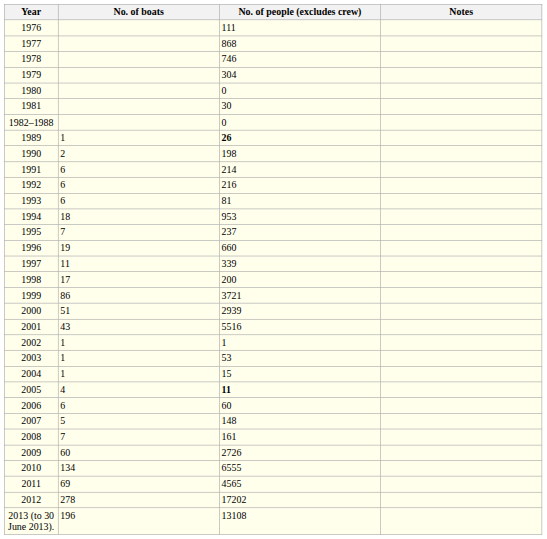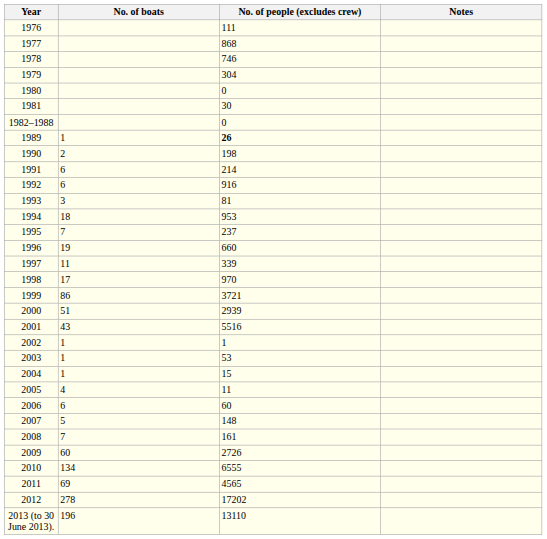 <table class="wikitable" style="align:center;">
 <tr>
 <th style="width:10%;">Year</th>
 <th style="width:30%;">No. of boats</th>
 <th style="width:30%;">No. of people (excludes crew)</th>
 <th style="width:30%;">Notes</th>
 </tr>
 <tr style="text-align:left; background:#ffffec; vertical-align:top;">
 <td style="text-align:center;">1976</td>
 <td></td>
 <td>111</td>
 <td></td>
 </tr>
 <tr style="text-align:left; background:#ffffec; vertical-align:top;">
 <td style="text-align:center;">1977</td>
 <td></td>
 <td>868</td>
 <td></td>
 </tr>
 <tr style="text-align:left; background:#ffffec; vertical-align:top;">
 <td style="text-align:center;">1978</td>
 <td></td>
 <td>746</td>
 <td></td>
 </tr>
 <tr style="text-align:left; background:#ffffec; vertical-align:top;">
 <td style="text-align:center;">1979</td>
 <td></td>
 <td>304</td>
 <td></td>
 </tr>
 <tr style="text-align:left; background:#ffffec; vertical-align:top;">
 <td style="text-align:center;">1980</td>
 <td></td>
 <td>0</td>
 <td></td>
 </tr>
 <tr style="text-align:left; background:#ffffec; vertical-align:top;">
 <td style="text-align:center;">1981</td>
 <td></td>
 <td>30</td>
 <td></td>
 </tr>
 <tr style="text-align:left; background:#ffffec; vertical-align:top;">
 <td style="text-align:center;">1982–1988</td>
 <td></td>
 <td>0</td>
 <td></td>
 </tr>
 <tr style="text-align:left; background:#ffffec; vertical-align:top;">
 <td style="text-align:center;">1989</td>
 <td>1</td>
 <td><strong>26</strong></td>
 <td></td>
 </tr>
 <tr style="text-align:left; background:#ffffec; vertical-align:top;">
 <td style="text-align:center;">1990</td>
 <td>2</td>
 <td>198</td>
 <td></td>
 </tr>
 <tr style="text-align:left; background:#ffffec; vertical-align:top;">
 <td style="text-align:center;">1991</td>
 <td>6</td>
 <td>214</td>
 <td></td>
 </tr>
 <tr style="text-align:left; background:#ffffec; vertical-align:top;">
 <td style="text-align:center;">1992</td>
 <td>6</td>
-<td>216</td>
+<td>916</td>
 <td></td>
 </tr>
 <tr style="text-align:left; background:#ffffec; vertical-align:top;">
 <td style="text-align:center;">1993</td>
-<td>6</td>
+<td>3</td>
 <td>81</td>
 <td></td>
 </tr>
 <tr style="text-align:left; background:#ffffec; vertical-align:top;">
 <td style="text-align:center;">1994</td>
 <td>18</td>
 <td>953</td>
 <td></td>
 </tr>
 <tr style="text-align:left; background:#ffffec; vertical-align:top;">
 <td style="text-align:center;">1995</td>
 <td>7</td>
 <td>237</td>
 <td></td>
 </tr>
 <tr style="text-align:left; background:#ffffec; vertical-align:top;">
 <td style="text-align:center;">1996</td>
 <td>19</td>
 <td>660</td>
 <td></td>
 </tr>
 <tr style="text-align:left; background:#ffffec; vertical-align:top;">
 <td style="text-align:center;">1997</td>
 <td>11</td>
 <td>339</td>
 <td></td>
 </tr>
 <tr style="text-align:left; background:#ffffec; vertical-align:top;">
 <td style="text-align:center;">1998</td>
 <td>17</td>
-<td>200</td>
+<td>970</td>
 <td></td>
 </tr>
 <tr style="text-align:left; background:#ffffec; vertical-align:top;">
 <td style="text-align:center;">1999</td>
 <td>86</td>
 <td>3721</td>
 <td></td>
 </tr>
 <tr style="text-align:left; background:#ffffec; vertical-align:top;">
 <td style="text-align:center;">2000</td>
 <td>51</td>
 <td>2939</td>
 <td></td>
 </tr>
 <tr style="text-align:left; background:#ffffec; vertical-align:top;">
 <td style="text-align:center;">2001</td>
 <td>43</td>
 <td>5516</td>
 <td></td>
 </tr>
 <tr style="text-align:left; background:#ffffec; vertical-align:top;">
 <td style="text-align:center;">2002</td>
 <td>1</td>
 <td>1</td>
 <td></td>
 </tr>
 <tr style="text-align:left; background:#ffffec; vertical-align:top;">
 <td style="text-align:center;">2003</td>
 <td>1</td>
 <td>53</td>
 <td></td>
 </tr>
 <tr style="text-align:left; background:#ffffec; vertical-align:top;">
 <td style="text-align:center;">2004</td>
 <td>1</td>
 <td>15</td>
 <td></td>
 </tr>
 <tr style="text-align:left; background:#ffffec; vertical-align:top;">
 <td style="text-align:center;">2005</td>
 <td>4</td>
-<td><strong>11</strong></td>
+<td>11</td>
 <td></td>
 </tr>
 <tr style="text-align:left; background:#ffffec; vertical-align:top;">
 <td style="text-align:center;">2006</td>
 <td>6</td>
 <td>60</td>
 <td></td>
 </tr>
 <tr style="text-align:left; background:#ffffec; vertical-align:top;">
 <td style="text-align:center;">2007</td>
 <td>5</td>
 <td>148</td>
 <td></td>
 </tr>
 <tr style="text-align:left; background:#ffffec; vertical-align:top;">
 <td style="text-align:center;">2008</td>
 <td>7</td>
 <td>161</td>
 <td></td>
 </tr>
 <tr style="text-align:left; background:#ffffec; vertical-align:top;">
 <td style="text-align:center;">2009</td>
 <td>60</td>
 <td>2726</td>
 <td></td>
 </tr>
 <tr style="text-align:left; background:#ffffec; vertical-align:top;">
 <td style="text-align:center;">2010</td>
 <td>134</td>
 <td>6555</td>
 <td></td>
 </tr>
 <tr style="text-align:left; background:#ffffec; vertical-align:top;">
 <td style="text-align:center;">2011</td>
 <td>69</td>
 <td>4565</td>
 <td></td>
 </tr>
 <tr style="text-align:left; background:#ffffec; vertical-align:top;">
 <td style="text-align:center;">2012</td>
 <td>278</td>
 <td>17202</td>
 <td></td>
 </tr>
 <tr style="text-align:left; background:#ffffec; vertical-align:top;">
 <td style="text-align:center;">2013 (to 30 June 2013).</td>
 <td>196</td>
-<td>13108</td>
+<td>13110</td>
 <td></td>
 </tr>
 </table>
